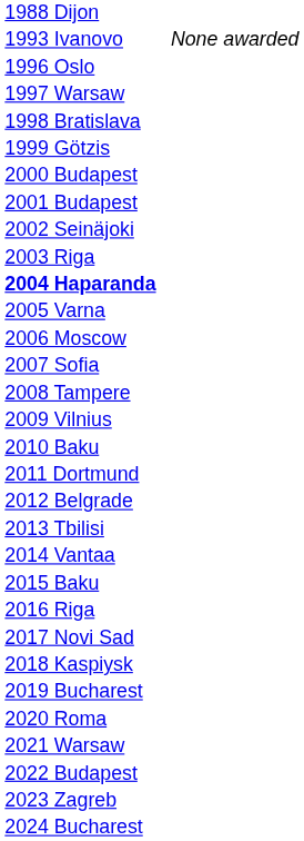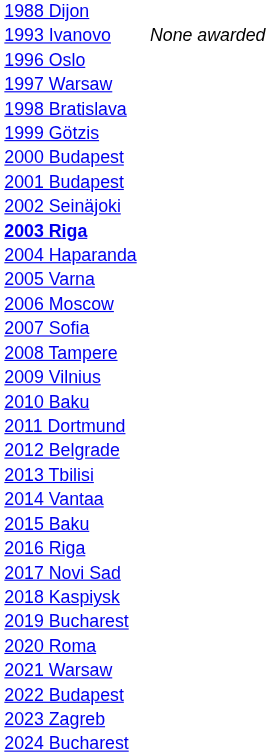 <table>
 <tr>
 <td><a href='#'>1988 Dijon</a></td>
 <td></td>
 <td></td>
 <td></td>
 </tr>
 <tr>
 <td><a href='#'>1993 Ivanovo</a></td>
 <td></td>
 <td></td>
 <td><em>None awarded</em></td>
 </tr>
 <tr>
 <td><a href='#'>1996 Oslo</a></td>
 <td></td>
 <td></td>
 <td></td>
 </tr>
 <tr>
 <td><a href='#'>1997 Warsaw</a></td>
 <td></td>
 <td></td>
 <td></td>
 </tr>
 <tr>
 <td><a href='#'>1998 Bratislava</a></td>
 <td></td>
 <td></td>
 <td></td>
 </tr>
 <tr>
 <td><a href='#'>1999 Götzis</a></td>
 <td></td>
 <td></td>
 <td></td>
 </tr>
 <tr>
 <td><a href='#'>2000 Budapest</a></td>
 <td></td>
 <td></td>
 <td></td>
 </tr>
 <tr>
 <td><a href='#'>2001 Budapest</a></td>
 <td></td>
 <td></td>
 <td></td>
 </tr>
 <tr>
 <td><a href='#'>2002 Seinäjoki</a></td>
 <td></td>
 <td></td>
 <td></td>
 </tr>
 <tr>
-<td><a href='#'>2003 Riga</a></td>
+<td><strong><a href='#'>2003 Riga</a></strong></td>
 <td></td>
 <td></td>
 <td></td>
 </tr>
 <tr>
-<td><strong><a href='#'>2004 Haparanda</a></strong></td>
+<td><a href='#'>2004 Haparanda</a></td>
 <td></td>
 <td></td>
 <td></td>
 </tr>
 <tr>
 <td rowspan=2><a href='#'>2005 Varna</a></td>
 <td rowspan=2></td>
 <td rowspan=2></td>
 <td></td>
 </tr>
 <tr>
 <td></td>
 </tr>
 <tr>
 <td rowspan=2><a href='#'>2006 Moscow</a></td>
 <td rowspan=2></td>
 <td rowspan=2></td>
 <td></td>
 </tr>
 <tr>
 <td></td>
 </tr>
 <tr>
 <td rowspan=2><a href='#'>2007 Sofia</a></td>
 <td rowspan=2></td>
 <td rowspan=2></td>
 <td></td>
 </tr>
 <tr>
 <td></td>
 </tr>
 <tr>
 <td rowspan=2><a href='#'>2008 Tampere</a></td>
 <td rowspan=2></td>
 <td rowspan=2></td>
 <td></td>
 </tr>
 <tr>
 <td></td>
 </tr>
 <tr>
 <td rowspan=2><a href='#'>2009 Vilnius</a></td>
 <td rowspan=2></td>
 <td rowspan=2></td>
 <td></td>
 </tr>
 <tr>
 <td></td>
 </tr>
 <tr>
 <td rowspan=2><a href='#'>2010 Baku</a></td>
 <td rowspan=2></td>
 <td rowspan=2></td>
 <td></td>
 </tr>
 <tr>
 <td></td>
 </tr>
 <tr>
 <td rowspan=2><a href='#'>2011 Dortmund</a></td>
 <td rowspan=2></td>
 <td rowspan=2></td>
 <td></td>
 </tr>
 <tr>
 <td></td>
 </tr>
 <tr>
 <td rowspan=2><a href='#'>2012 Belgrade</a></td>
 <td rowspan=2></td>
 <td rowspan=2></td>
 <td></td>
 </tr>
 <tr>
 <td></td>
 </tr>
 <tr>
 <td rowspan=2><a href='#'>2013 Tbilisi</a></td>
 <td rowspan=2></td>
 <td rowspan=2></td>
 <td></td>
 </tr>
 <tr>
 <td></td>
 </tr>
 <tr>
 <td rowspan=2><a href='#'>2014 Vantaa</a></td>
 <td rowspan=2></td>
 <td rowspan=2></td>
 <td></td>
 </tr>
 <tr>
 <td></td>
 </tr>
 <tr>
 <td rowspan=2><a href='#'>2015 Baku</a></td>
 <td rowspan=2></td>
 <td rowspan=2></td>
 <td></td>
 </tr>
 <tr>
 <td></td>
 </tr>
 <tr>
 <td rowspan=2><a href='#'>2016 Riga</a></td>
 <td rowspan=2></td>
 <td rowspan=2></td>
 <td></td>
 </tr>
 <tr>
 <td></td>
 </tr>
 <tr>
 <td rowspan=2><a href='#'>2017 Novi Sad</a></td>
 <td rowspan=2></td>
 <td rowspan=2></td>
 <td></td>
 </tr>
 <tr>
 <td></td>
 </tr>
 <tr>
 <td rowspan=2><a href='#'>2018 Kaspiysk</a></td>
 <td rowspan=2></td>
 <td rowspan=2></td>
 <td></td>
 </tr>
 <tr>
 <td></td>
 </tr>
 <tr>
 <td rowspan=2><a href='#'>2019 Bucharest</a></td>
 <td rowspan=2></td>
 <td rowspan=2></td>
 <td></td>
 </tr>
 <tr>
 <td></td>
 </tr>
 <tr>
 <td rowspan=2><a href='#'>2020 Roma</a></td>
 <td rowspan=2></td>
 <td rowspan=2></td>
 <td></td>
 </tr>
 <tr>
 <td></td>
 </tr>
 <tr>
 <td rowspan=2><a href='#'>2021 Warsaw</a></td>
 <td rowspan=2></td>
 <td rowspan=2></td>
 <td></td>
 </tr>
 <tr>
 <td></td>
 </tr>
 <tr>
 <td rowspan=2><a href='#'>2022 Budapest</a></td>
 <td rowspan=2></td>
 <td rowspan=2></td>
 <td></td>
 </tr>
 <tr>
 <td></td>
 </tr>
 <tr>
 <td rowspan=2><a href='#'>2023 Zagreb</a></td>
 <td rowspan=2></td>
 <td rowspan=2></td>
 <td></td>
 </tr>
 <tr>
 <td></td>
 </tr>
 <tr>
 <td rowspan=2><a href='#'>2024 Bucharest</a></td>
 <td rowspan=2></td>
 <td rowspan=2></td>
 <td></td>
 </tr>
 <tr>
 <td></td>
 </tr>
 </table>
